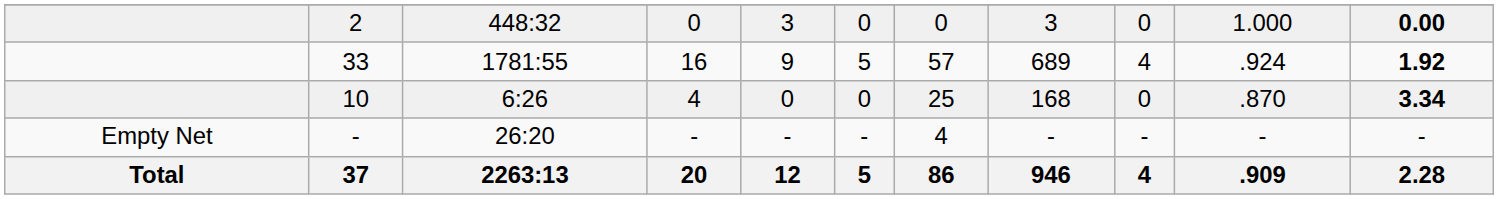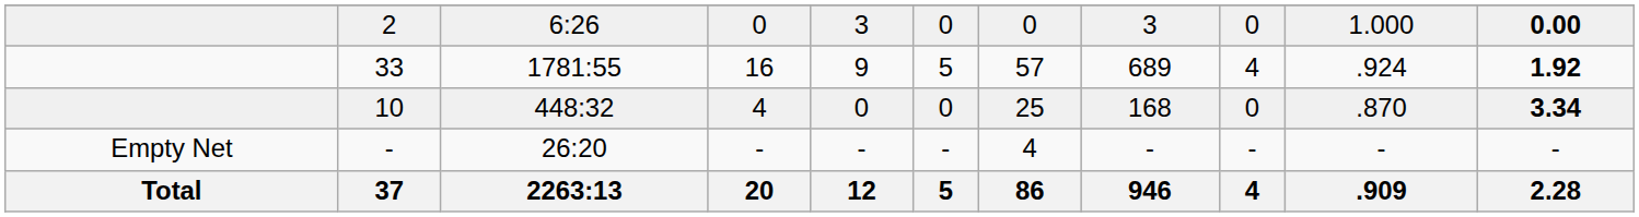 <table class="wikitable sortable" width ="1000">
 <tr align="center">
 </tr>
 <tr align="center" bgcolor="f0f0f0">
 <td></td>
 <td>2</td>
-<td>448:32</td>
+<td>6:26</td>
 <td>0</td>
 <td>3</td>
 <td>0</td>
 <td>0</td>
 <td>3</td>
 <td>0</td>
 <td>1.000</td>
 <td><strong>0.00</strong></td>
 </tr>
 <tr align="center" bgcolor="">
 <td></td>
 <td>33</td>
 <td>1781:55</td>
 <td>16</td>
 <td>9</td>
 <td>5</td>
 <td>57</td>
 <td>689</td>
 <td>4</td>
 <td>.924</td>
 <td><strong>1.92</strong></td>
 </tr>
 <tr align="center" bgcolor="f0f0f0">
 <td></td>
 <td>10</td>
-<td>6:26</td>
+<td>448:32</td>
 <td>4</td>
 <td>0</td>
 <td>0</td>
 <td>25</td>
 <td>168</td>
 <td>0</td>
 <td>.870</td>
 <td><strong>3.34</strong></td>
 </tr>
 <tr align="center" bgcolor="">
 <td>Empty Net</td>
 <td>-</td>
 <td>26:20</td>
 <td>-</td>
 <td>-</td>
 <td>-</td>
 <td>4</td>
 <td>-</td>
 <td>-</td>
 <td>-</td>
 <td>-</td>
 </tr>
 <tr>
 <th>Total</th>
 <th>37</th>
 <th>2263:13</th>
 <th>20</th>
 <th>12</th>
 <th>5</th>
 <th>86</th>
 <th>946</th>
 <th>4</th>
 <th>.909</th>
 <th>2.28</th>
 </tr>
 </table>
